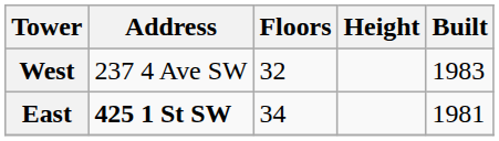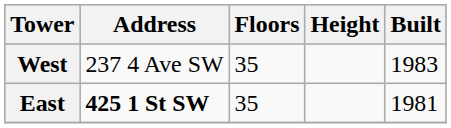 <table class="wikitable" style="align:center; font-size:95%;">
 <tr>
 <th>Tower</th>
 <th>Address</th>
 <th>Floors</th>
 <th>Height</th>
 <th>Built</th>
 </tr>
 <tr>
 <th>West</th>
 <td>237 4 Ave SW</td>
-<td>32</td>
+<td>35</td>
 <td></td>
 <td>1983</td>
 </tr>
 <tr>
 <th>East</th>
 <td><strong>425 1 St SW</strong></td>
-<td>34</td>
+<td>35</td>
 <td></td>
 <td>1981</td>
 </tr>
 <tr>
 </tr>
 </table>
